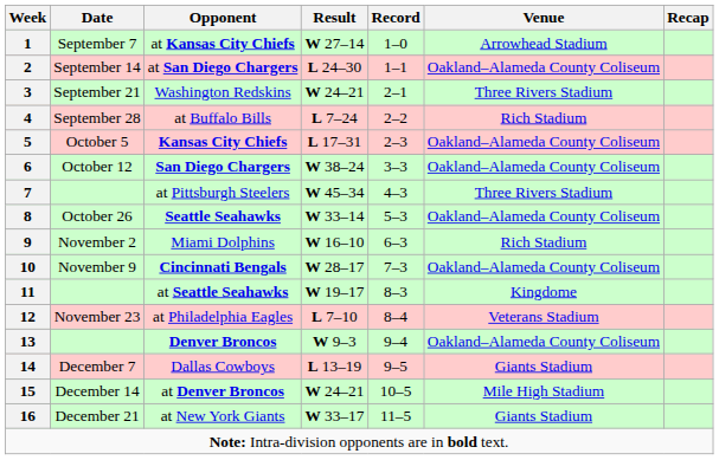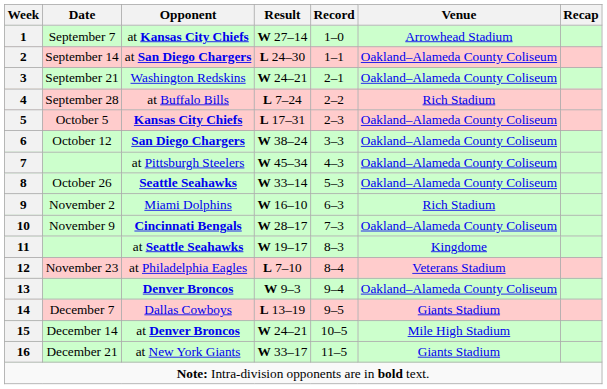 <table class="wikitable" style="text-align:center">
 <tr>
 <th>Week</th>
 <th>Date</th>
 <th>Opponent</th>
 <th>Result</th>
 <th>Record</th>
 <th>Venue</th>
 <th>Recap</th>
 </tr>
 <tr style="background: #cfc;">
 <th>1</th>
 <td>September 7</td>
 <td>at <strong><a href='#'>Kansas City Chiefs</a></strong></td>
 <td><strong>W</strong> 27–14</td>
 <td>1–0</td>
 <td><a href='#'>Arrowhead Stadium</a></td>
 <td></td>
 </tr>
 <tr style="background: #fcc;">
 <th>2</th>
 <td>September 14</td>
 <td>at <strong><a href='#'>San Diego Chargers</a></strong></td>
 <td><strong>L</strong> 24–30 </td>
 <td>1–1</td>
 <td><a href='#'>Oakland–Alameda County Coliseum</a></td>
 <td></td>
 </tr>
 <tr style="background: #cfc;">
 <th>3</th>
 <td>September 21</td>
 <td><a href='#'>Washington Redskins</a></td>
 <td><strong>W</strong> 24–21</td>
 <td>2–1</td>
-<td><a href='#'>Three Rivers Stadium</a></td>
+<td><a href='#'>Oakland–Alameda County Coliseum</a></td>
 <td></td>
 </tr>
 <tr style="background: #fcc;">
 <th>4</th>
 <td>September 28</td>
 <td>at <a href='#'>Buffalo Bills</a></td>
 <td><strong>L</strong> 7–24</td>
 <td>2–2</td>
 <td><a href='#'>Rich Stadium</a></td>
 <td></td>
 </tr>
 <tr style="background: #fcc;">
 <th>5</th>
 <td>October 5</td>
 <td><strong><a href='#'>Kansas City Chiefs</a></strong></td>
 <td><strong>L</strong> 17–31</td>
 <td>2–3</td>
 <td><a href='#'>Oakland–Alameda County Coliseum</a></td>
 <td></td>
 </tr>
 <tr style="background: #cfc;">
 <th>6</th>
 <td>October 12</td>
 <td><strong><a href='#'>San Diego Chargers</a></strong></td>
 <td><strong>W</strong> 38–24</td>
 <td>3–3</td>
 <td><a href='#'>Oakland–Alameda County Coliseum</a></td>
 <td></td>
 </tr>
 <tr style="background: #cfc;">
 <th>7</th>
 <td></td>
 <td>at <a href='#'>Pittsburgh Steelers</a></td>
 <td><strong>W</strong> 45–34</td>
 <td>4–3</td>
-<td><a href='#'>Three Rivers Stadium</a></td>
+<td><a href='#'>Oakland–Alameda County Coliseum</a></td>
 <td></td>
 </tr>
 <tr style="background: #cfc;">
 <th>8</th>
 <td>October 26</td>
 <td><strong><a href='#'>Seattle Seahawks</a></strong></td>
 <td><strong>W</strong> 33–14</td>
 <td>5–3</td>
 <td><a href='#'>Oakland–Alameda County Coliseum</a></td>
 <td></td>
 </tr>
 <tr style="background: #cfc;">
 <th>9</th>
 <td>November 2</td>
 <td><a href='#'>Miami Dolphins</a></td>
 <td><strong>W</strong> 16–10</td>
 <td>6–3</td>
 <td><a href='#'>Rich Stadium</a></td>
 <td></td>
 </tr>
 <tr style="background: #cfc;">
 <th>10</th>
 <td>November 9</td>
 <td><strong><a href='#'>Cincinnati Bengals</a></strong></td>
 <td><strong>W</strong> 28–17</td>
 <td>7–3</td>
 <td><a href='#'>Oakland–Alameda County Coliseum</a></td>
 <td></td>
 </tr>
 <tr style="background: #cfc;">
 <th>11</th>
 <td></td>
 <td>at <strong><a href='#'>Seattle Seahawks</a></strong></td>
 <td><strong>W</strong> 19–17</td>
 <td>8–3</td>
 <td><a href='#'>Kingdome</a></td>
 <td></td>
 </tr>
 <tr style="background: #fcc;">
 <th>12</th>
 <td>November 23</td>
 <td>at <a href='#'>Philadelphia Eagles</a></td>
 <td><strong>L</strong> 7–10</td>
 <td>8–4</td>
 <td><a href='#'>Veterans Stadium</a></td>
 <td></td>
 </tr>
 <tr style="background: #cfc;">
 <th>13</th>
 <td></td>
 <td><strong><a href='#'>Denver Broncos</a></strong></td>
 <td><strong>W</strong> 9–3</td>
 <td>9–4</td>
 <td><a href='#'>Oakland–Alameda County Coliseum</a></td>
 <td></td>
 </tr>
 <tr style="background: #fcc;">
 <th>14</th>
 <td>December 7</td>
 <td><a href='#'>Dallas Cowboys</a></td>
 <td><strong>L</strong> 13–19</td>
 <td>9–5</td>
 <td><a href='#'>Giants Stadium</a></td>
 <td></td>
 </tr>
 <tr style="background: #cfc;">
 <th>15</th>
 <td>December 14</td>
 <td>at <strong><a href='#'>Denver Broncos</a></strong></td>
 <td><strong>W</strong> 24–21</td>
 <td>10–5</td>
 <td><a href='#'>Mile High Stadium</a></td>
 <td></td>
 </tr>
 <tr style="background: #cfc;">
 <th>16</th>
 <td>December 21</td>
 <td>at <a href='#'>New York Giants</a></td>
 <td><strong>W</strong> 33–17</td>
 <td>11–5</td>
 <td><a href='#'>Giants Stadium</a></td>
 <td></td>
 </tr>
 <tr>
 <td colspan="8"><strong>Note:</strong> Intra-division opponents are in <strong>bold</strong> text.</td>
 </tr>
 </table>
